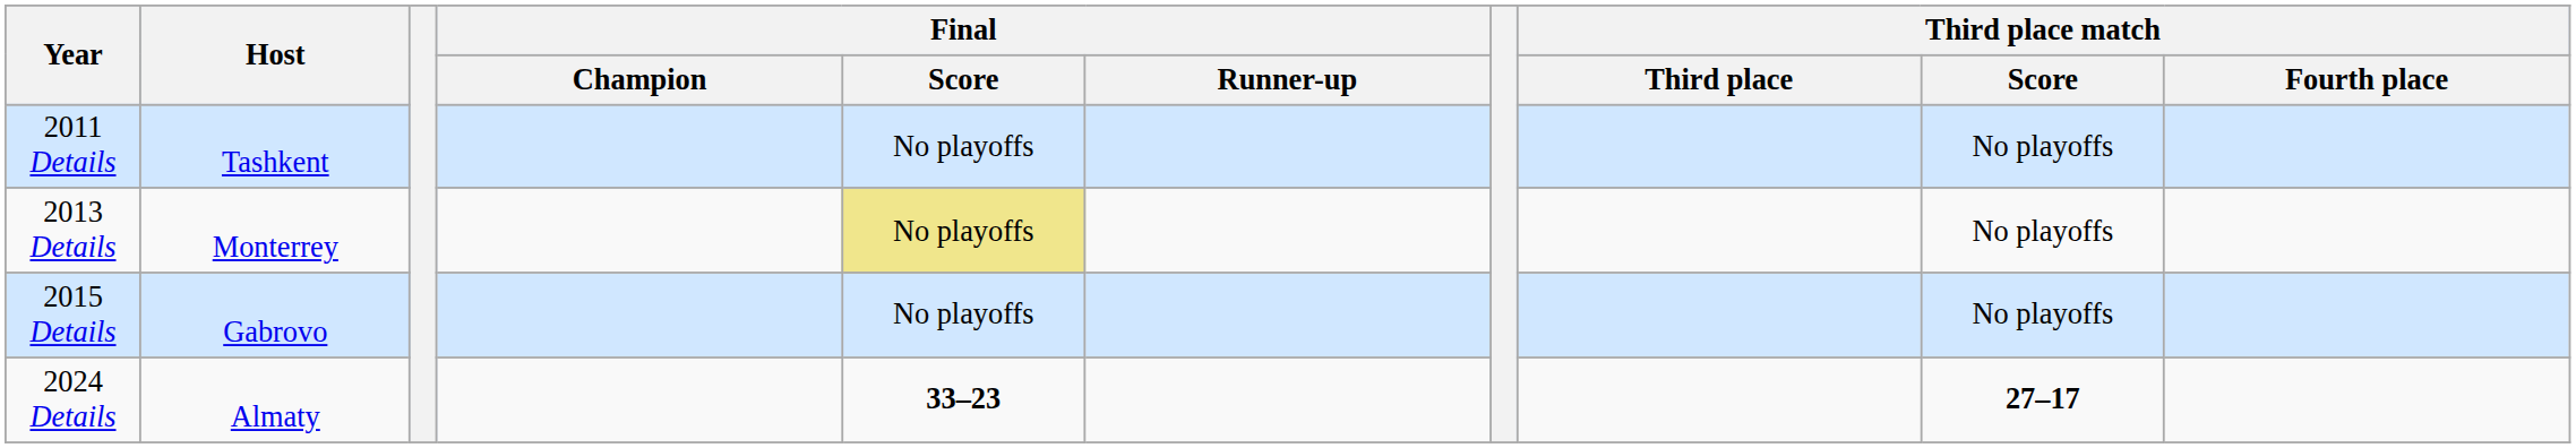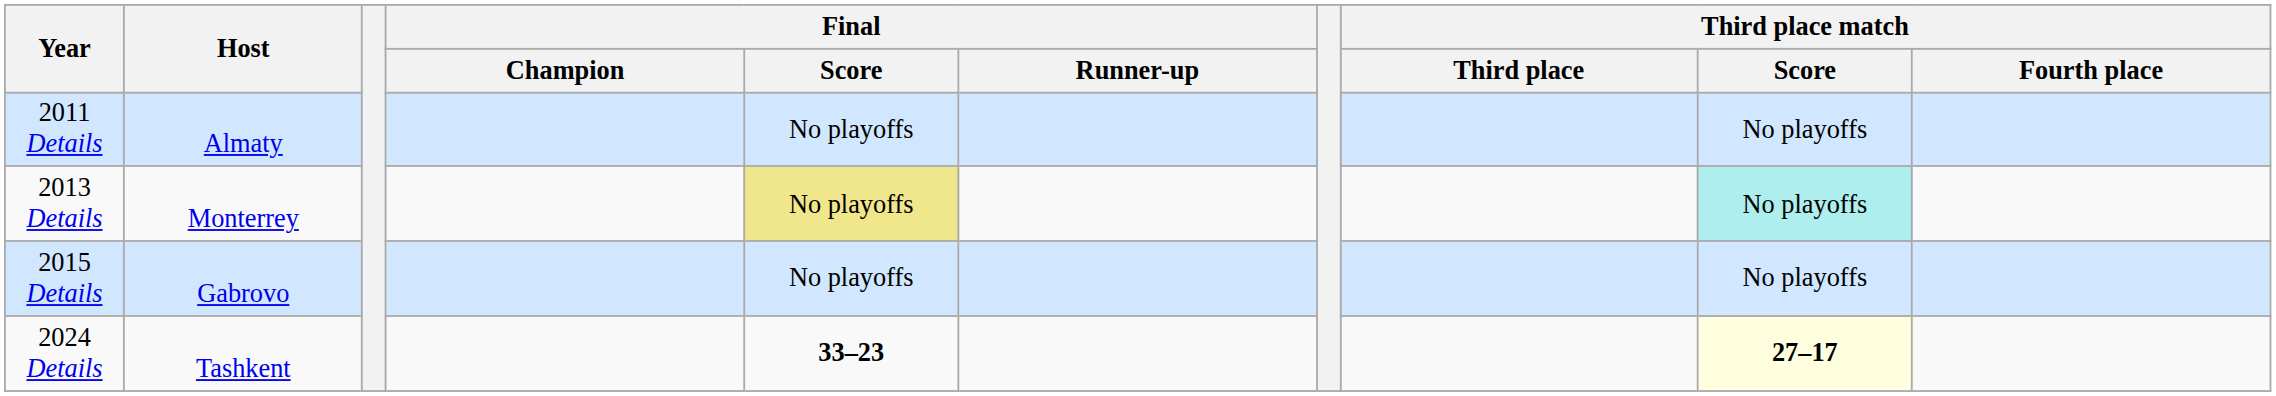 <table class="wikitable" style="font-size:90%; width: 98%; text-align: center;">
 <tr bgcolor=#C1D8FF>
 <th rowspan=2 width=5%>Year</th>
 <th rowspan=2 width=10%>Host</th>
 <th width=1% rowspan=6 bgcolor=ffffff></th>
 <th colspan=3>Final</th>
 <th width=1% rowspan=6 bgcolor=ffffff></th>
 <th colspan=3>Third place match</th>
 </tr>
 <tr bgcolor=#EFEFEF>
 <th width=15%>Champion</th>
 <th width=9%>Score</th>
 <th width=15%>Runner-up</th>
 <th width=15%>Third place</th>
 <th width=9%>Score</th>
 <th width=15%>Fourth place</th>
 </tr>
 <tr bgcolor=#D0E7FF>
 <td>2011<br><em><a href='#'>Details</a></em></td>
-<td><br><a href='#'>Tashkent</a></td>
+<td><br><a href='#'>Almaty</a></td>
 <td><strong></strong></td>
 <td><span>No playoffs</span></td>
 <td></td>
 <td></td>
 <td><span>No playoffs</span></td>
 <td></td>
 </tr>
 <tr>
 <td>2013<br><em><a href='#'>Details</a></em></td>
 <td><br><a href='#'>Monterrey</a></td>
 <td><strong></strong></td>
 <td style="background: khaki;"><span>No playoffs</span></td>
 <td></td>
 <td></td>
-<td><span>No playoffs</span></td>
+<td style="background: paleturquoise;"><span>No playoffs</span></td>
 <td></td>
 </tr>
 <tr bgcolor=#D0E7FF>
 <td>2015<br><em><a href='#'>Details</a></em></td>
 <td><br><a href='#'>Gabrovo</a></td>
 <td><strong></strong></td>
 <td><span>No playoffs</span></td>
 <td></td>
 <td></td>
 <td><span>No playoffs</span></td>
 <td></td>
 </tr>
 <tr>
 <td>2024<br><em><a href='#'>Details</a></em></td>
-<td><br><a href='#'>Almaty</a></td>
+<td><br><a href='#'>Tashkent</a></td>
 <td><strong></strong></td>
 <td><strong>33–23</strong></td>
 <td></td>
 <td></td>
-<td><strong>27–17</strong></td>
+<td style="background: lightyellow;"><strong>27–17</strong></td>
 <td></td>
 </tr>
 </table>
